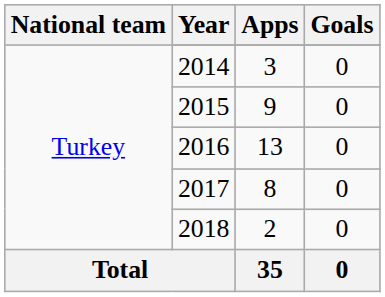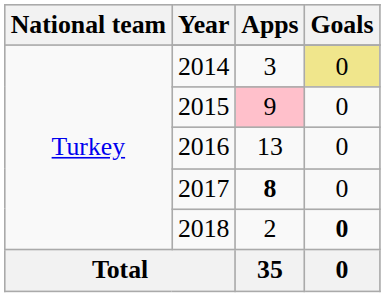 <table class="wikitable" style="text-align:center">
 <tr>
 <th>National team</th>
 <th>Year</th>
 <th>Apps</th>
 <th>Goals</th>
 </tr>
 <tr>
 <td rowspan="6"><a href='#'>Turkey</a></td>
 </tr>
 <tr>
 <td>2014</td>
 <td>3</td>
-<td>0</td>
+<td style="background: khaki;">0</td>
 </tr>
 <tr>
 <td>2015</td>
-<td>9</td>
+<td style="background: pink;">9</td>
 <td>0</td>
 </tr>
 <tr>
 <td>2016</td>
 <td>13</td>
 <td>0</td>
 </tr>
 <tr>
 <td>2017</td>
-<td>8</td>
+<td><strong>8</strong></td>
 <td>0</td>
 </tr>
 <tr>
 <td>2018</td>
 <td>2</td>
-<td>0</td>
+<td><strong>0</strong></td>
 </tr>
 <tr>
 <th colspan="2">Total</th>
 <th>35</th>
 <th>0</th>
 </tr>
 </table>
